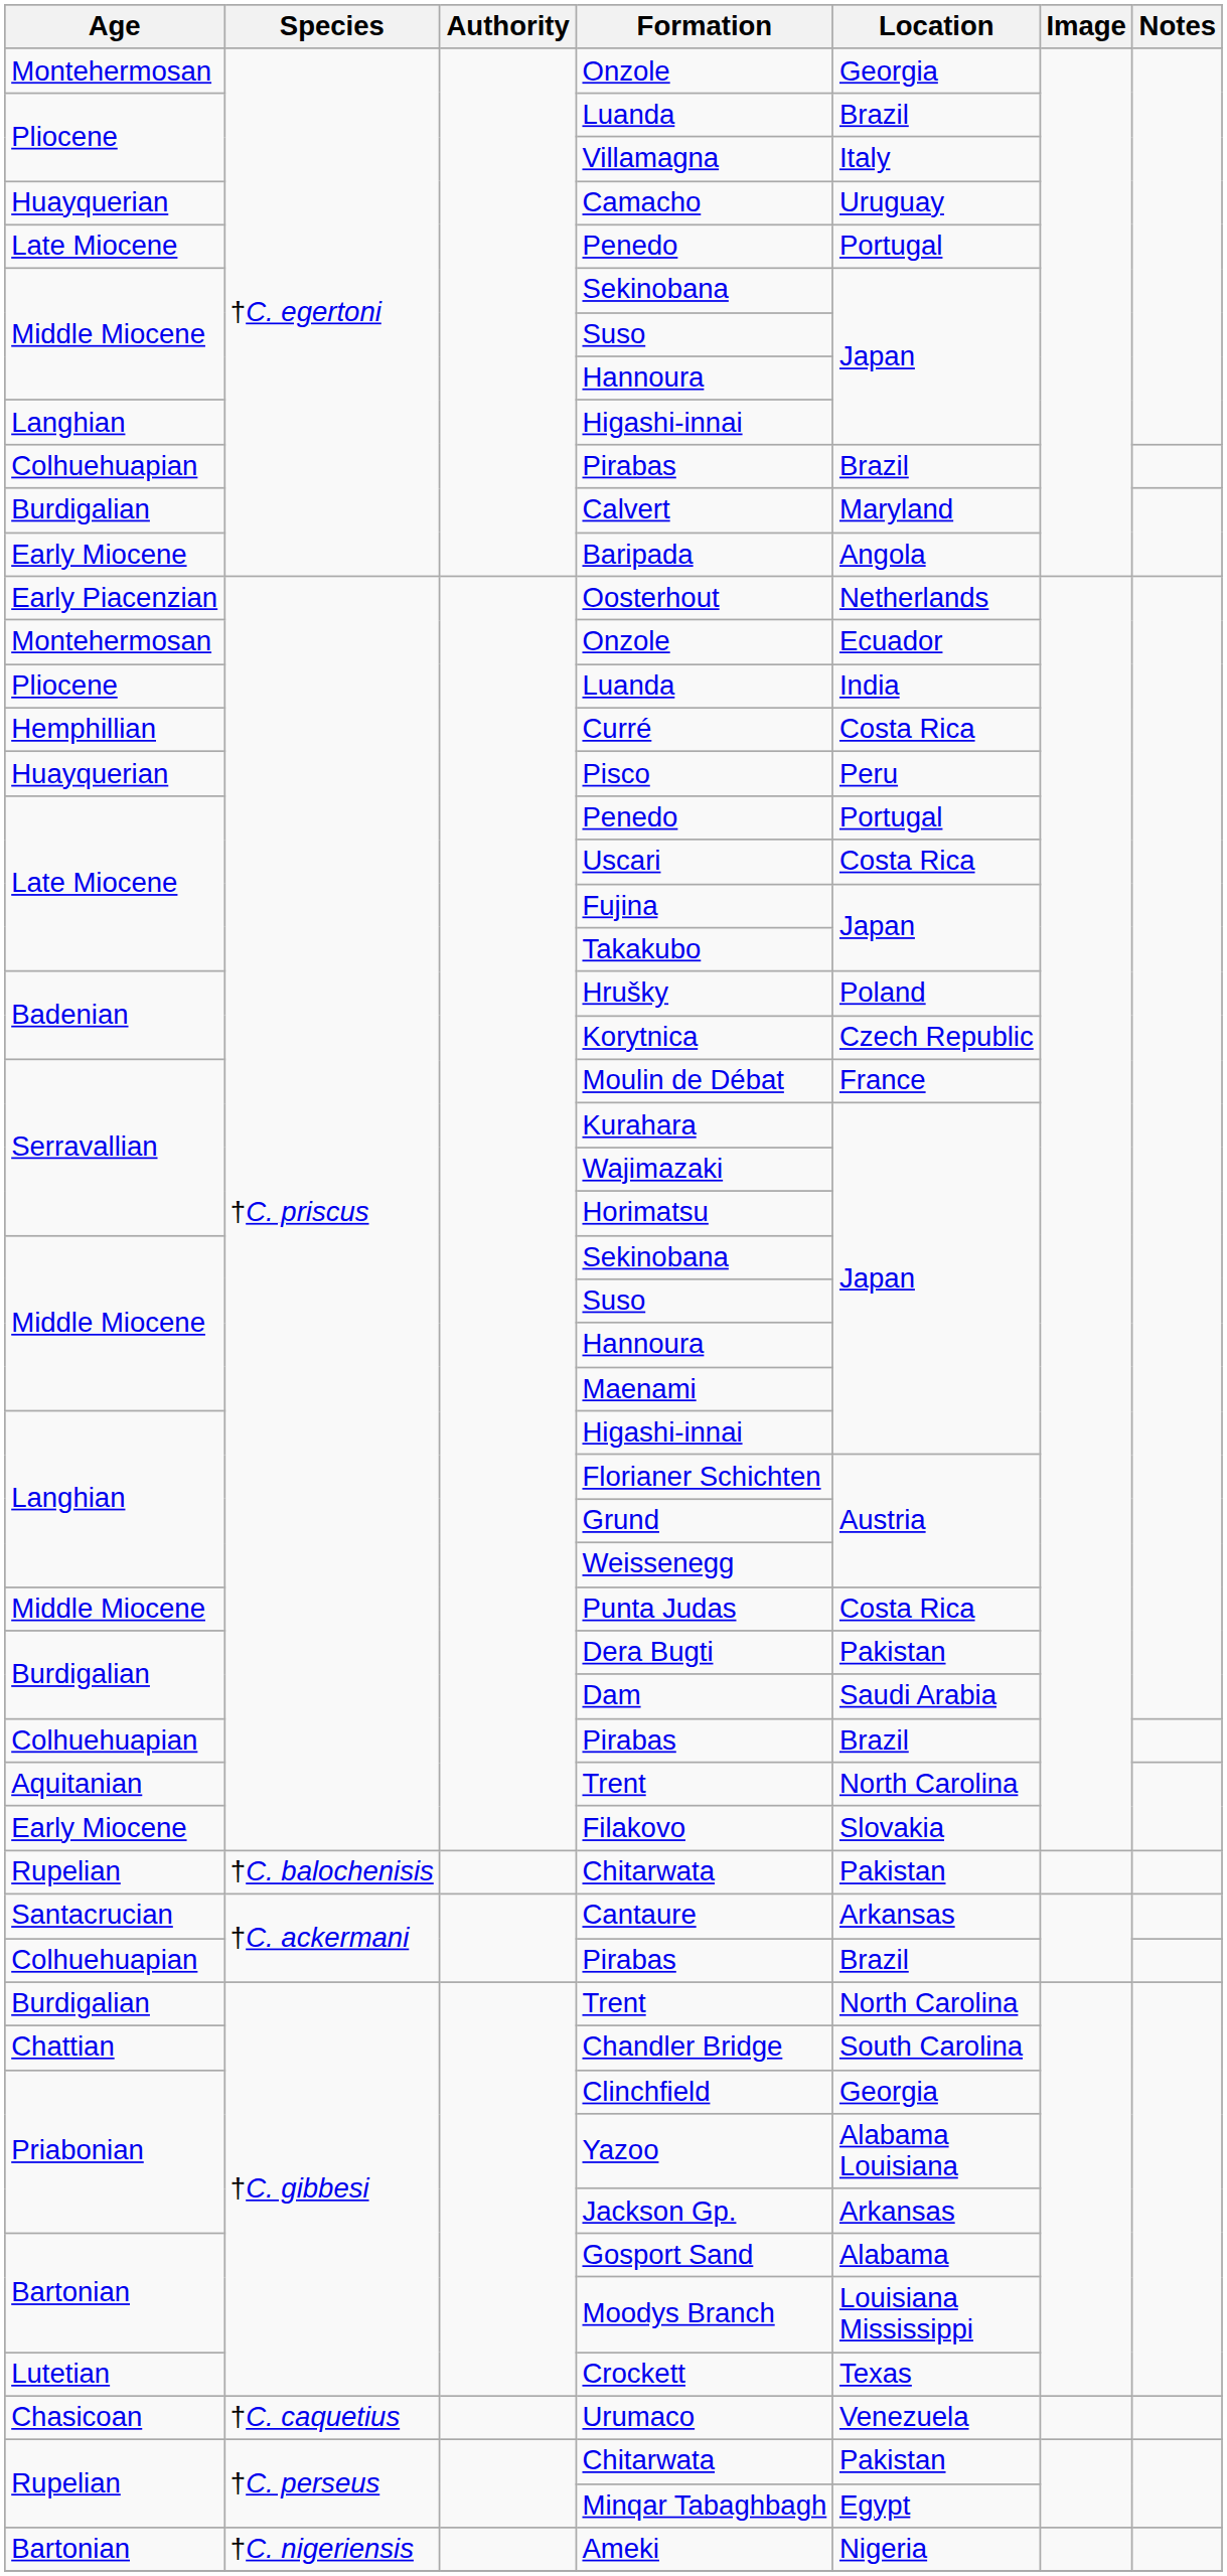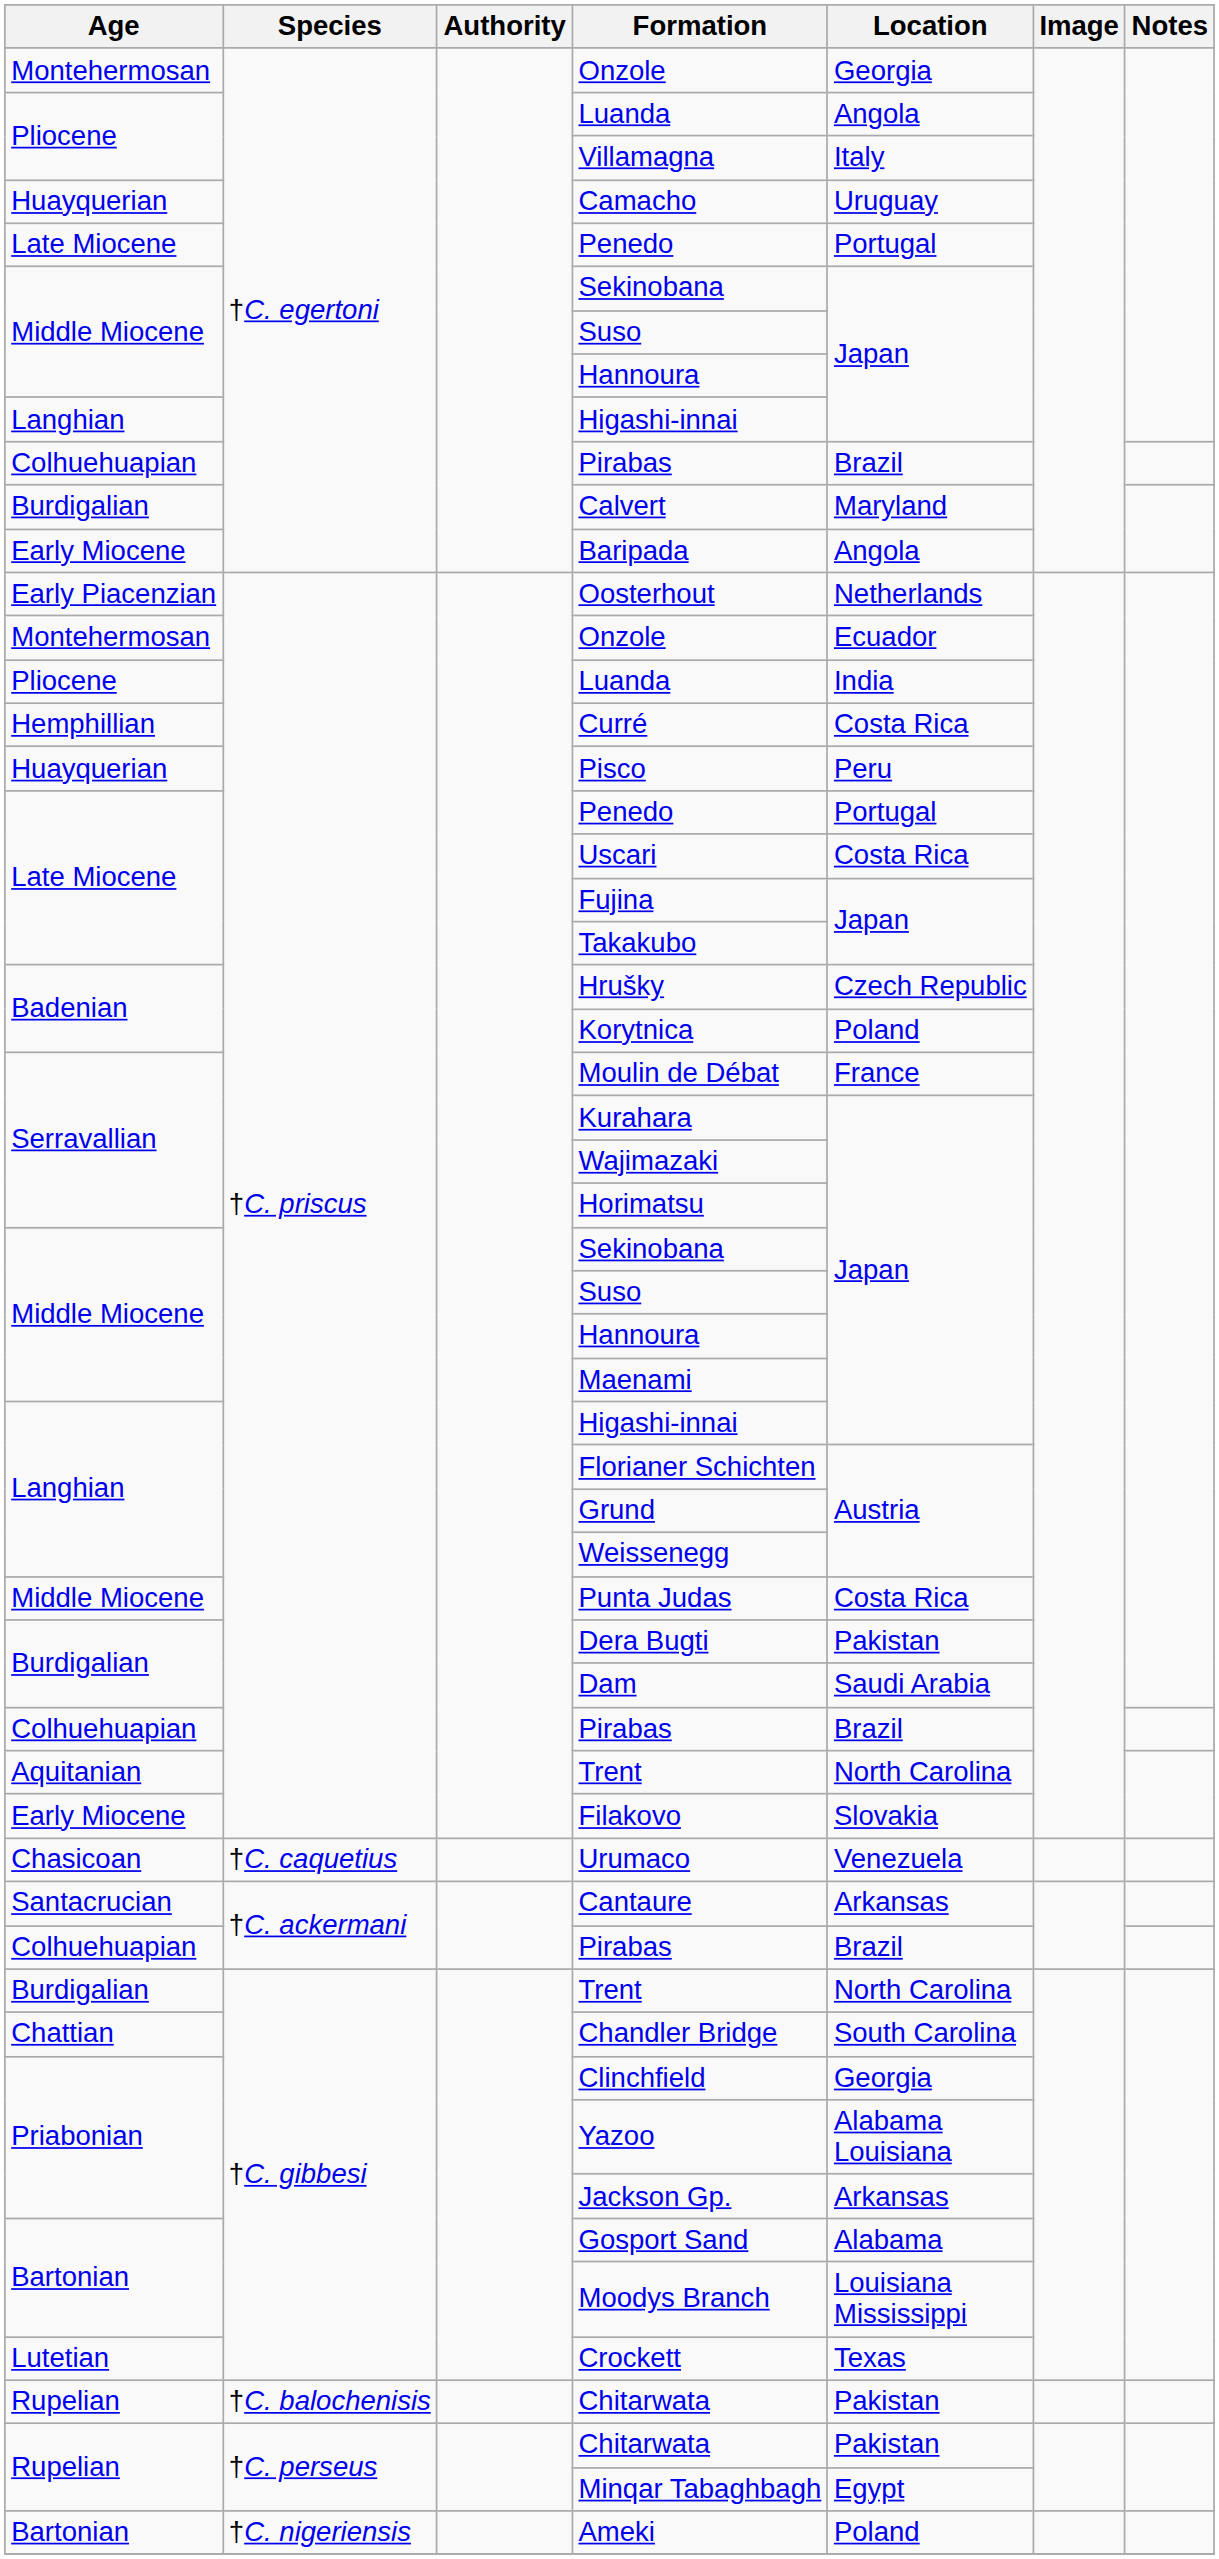 <table class="wikitable sortable">
 <tr>
 <th>Age</th>
 <th>Species</th>
 <th>Authority</th>
 <th>Formation</th>
 <th>Location</th>
 <th>Image</th>
 <th class=unsortable>Notes</th>
 </tr>
 <tr>
 <td style="background-color: "><a href='#'>Montehermosan</a></td>
 <td rowspan=12>†<em><a href='#'>C. egertoni</a></em></td>
 <td rowspan=12></td>
 <td><a href='#'>Onzole</a></td>
 <td><a href='#'>Georgia</a></td>
 <td rowspan=12></td>
 <td style="text-align:center" rowspan=9></td>
 </tr>
 <tr>
 <td rowspan=2 style="background-color: "><a href='#'>Pliocene</a></td>
 <td><a href='#'>Luanda</a></td>
-<td><a href='#'>Brazil</a></td>
+<td><a href='#'>Angola</a></td>
 </tr>
 <tr>
 <td><a href='#'>Villamagna</a></td>
 <td><a href='#'>Italy</a></td>
 </tr>
 <tr>
 <td style="background-color: "><a href='#'>Huayquerian</a></td>
 <td><a href='#'>Camacho</a></td>
 <td><a href='#'>Uruguay</a></td>
 </tr>
 <tr>
 <td style="background-color: "><a href='#'>Late Miocene</a></td>
 <td><a href='#'>Penedo</a></td>
 <td><a href='#'>Portugal</a></td>
 </tr>
 <tr>
 <td rowspan=3 style="background-color: "><a href='#'>Middle Miocene</a></td>
 <td><a href='#'>Sekinobana</a></td>
 <td rowspan=4><a href='#'>Japan</a></td>
 </tr>
 <tr>
 <td><a href='#'>Suso</a></td>
 </tr>
 <tr>
 <td><a href='#'>Hannoura</a></td>
 </tr>
 <tr>
 <td style="background-color: "><a href='#'>Langhian</a></td>
 <td><a href='#'>Higashi-innai</a></td>
 </tr>
 <tr>
 <td style="background-color: "><a href='#'>Colhuehuapian</a></td>
 <td><a href='#'>Pirabas</a></td>
 <td><a href='#'>Brazil</a></td>
 <td style="text-align:center"></td>
 </tr>
 <tr>
 <td style="background-color: "><a href='#'>Burdigalian</a></td>
 <td><a href='#'>Calvert</a></td>
 <td><a href='#'>Maryland</a></td>
 <td style="text-align:center" rowspan=2></td>
 </tr>
 <tr>
 <td style="background-color: "><a href='#'>Early Miocene</a></td>
 <td><a href='#'>Baripada</a></td>
 <td><a href='#'>Angola</a></td>
 </tr>
 <tr>
 <td style="background-color: "><a href='#'>Early Piacenzian</a></td>
 <td rowspan=29>†<em><a href='#'>C. priscus</a></em></td>
 <td rowspan=29></td>
 <td><a href='#'>Oosterhout</a></td>
 <td><a href='#'>Netherlands</a></td>
 <td rowspan=29></td>
 <td style="text-align:center" rowspan=26></td>
 </tr>
 <tr>
 <td style="background-color: "><a href='#'>Montehermosan</a></td>
 <td><a href='#'>Onzole</a></td>
 <td><a href='#'>Ecuador</a></td>
 </tr>
 <tr>
 <td style="background-color: "><a href='#'>Pliocene</a></td>
 <td><a href='#'>Luanda</a></td>
 <td><a href='#'>India</a></td>
 </tr>
 <tr>
 <td style="background-color: "><a href='#'>Hemphillian</a></td>
 <td><a href='#'>Curré</a></td>
 <td><a href='#'>Costa Rica</a></td>
 </tr>
 <tr>
 <td style="background-color: "><a href='#'>Huayquerian</a></td>
 <td><a href='#'>Pisco</a></td>
 <td><a href='#'>Peru</a></td>
 </tr>
 <tr>
 <td rowspan=4 style="background-color: "><a href='#'>Late Miocene</a></td>
 <td><a href='#'>Penedo</a></td>
 <td><a href='#'>Portugal</a></td>
 </tr>
 <tr>
 <td><a href='#'>Uscari</a></td>
 <td><a href='#'>Costa Rica</a></td>
 </tr>
 <tr>
 <td><a href='#'>Fujina</a></td>
 <td rowspan=2><a href='#'>Japan</a></td>
 </tr>
 <tr>
 <td><a href='#'>Takakubo</a></td>
 </tr>
 <tr>
 <td rowspan=2 style="background-color: "><a href='#'>Badenian</a></td>
 <td><a href='#'>Hrušky</a></td>
-<td><a href='#'>Poland</a></td>
+<td><a href='#'>Czech Republic</a></td>
 </tr>
 <tr>
 <td><a href='#'>Korytnica</a></td>
-<td><a href='#'>Czech Republic</a></td>
+<td><a href='#'>Poland</a></td>
 </tr>
 <tr>
 <td rowspan=4 style="background-color: "><a href='#'>Serravallian</a></td>
 <td><a href='#'>Moulin de Débat</a></td>
 <td><a href='#'>France</a></td>
 </tr>
 <tr>
 <td><a href='#'>Kurahara</a></td>
 <td rowspan=8><a href='#'>Japan</a></td>
 </tr>
 <tr>
 <td><a href='#'>Wajimazaki</a></td>
 </tr>
 <tr>
 <td><a href='#'>Horimatsu</a></td>
 </tr>
 <tr>
 <td rowspan=4 style="background-color: "><a href='#'>Middle Miocene</a></td>
 <td><a href='#'>Sekinobana</a></td>
 </tr>
 <tr>
 <td><a href='#'>Suso</a></td>
 </tr>
 <tr>
 <td><a href='#'>Hannoura</a></td>
 </tr>
 <tr>
 <td><a href='#'>Maenami</a></td>
 </tr>
 <tr>
 <td rowspan=4 style="background-color: "><a href='#'>Langhian</a></td>
 <td><a href='#'>Higashi-innai</a></td>
 </tr>
 <tr>
 <td><a href='#'>Florianer Schichten</a></td>
 <td rowspan=3><a href='#'>Austria</a></td>
 </tr>
 <tr>
 <td><a href='#'>Grund</a></td>
 </tr>
 <tr>
 <td><a href='#'>Weissenegg</a></td>
 </tr>
 <tr>
 <td style="background-color: "><a href='#'>Middle Miocene</a></td>
 <td><a href='#'>Punta Judas</a></td>
 <td><a href='#'>Costa Rica</a></td>
 </tr>
 <tr>
 <td rowspan=2 style="background-color: "><a href='#'>Burdigalian</a></td>
 <td><a href='#'>Dera Bugti</a></td>
 <td><a href='#'>Pakistan</a></td>
 </tr>
 <tr>
 <td><a href='#'>Dam</a></td>
 <td><a href='#'>Saudi Arabia</a></td>
 </tr>
 <tr>
 <td style="background-color: "><a href='#'>Colhuehuapian</a></td>
 <td><a href='#'>Pirabas</a></td>
 <td><a href='#'>Brazil</a></td>
 <td style="text-align:center"></td>
 </tr>
 <tr>
 <td style="background-color: "><a href='#'>Aquitanian</a></td>
 <td><a href='#'>Trent</a></td>
 <td><a href='#'>North Carolina</a></td>
 <td style="text-align:center" rowspan=2></td>
 </tr>
 <tr>
 <td style="background-color: "><a href='#'>Early Miocene</a></td>
 <td><a href='#'>Filakovo</a></td>
 <td><a href='#'>Slovakia</a></td>
 </tr>
 <tr>
-<td style="background-color: "><a href='#'>Rupelian</a></td>
-<td>†<em><a href='#'>C. balochenisis</a></em></td>
+<td style="background-color: "><a href='#'>Chasicoan</a></td>
+<td>†<em><a href='#'>C. caquetius</a></em></td>
 <td></td>
-<td><a href='#'>Chitarwata</a></td>
-<td><a href='#'>Pakistan</a></td>
+<td><a href='#'>Urumaco</a></td>
+<td><a href='#'>Venezuela</a></td>
 <td></td>
 <td style="text-align:center"></td>
 </tr>
 <tr>
 <td style="background-color: "><a href='#'>Santacrucian</a></td>
 <td rowspan=2>†<em><a href='#'>C. ackermani</a></em></td>
 <td rowspan=2></td>
 <td><a href='#'>Cantaure</a></td>
 <td><a href='#'>Arkansas</a></td>
 <td rowspan=2></td>
 <td style="text-align:center"></td>
 </tr>
 <tr>
 <td style="background-color: "><a href='#'>Colhuehuapian</a></td>
 <td><a href='#'>Pirabas</a></td>
 <td><a href='#'>Brazil</a></td>
 <td style="text-align:center"></td>
 </tr>
 <tr>
 <td style="background-color: "><a href='#'>Burdigalian</a></td>
 <td rowspan=8>†<em><a href='#'>C. gibbesi</a></em></td>
 <td rowspan=8></td>
 <td><a href='#'>Trent</a></td>
 <td><a href='#'>North Carolina</a></td>
 <td rowspan=8></td>
 <td style="text-align:center" rowspan=8></td>
 </tr>
 <tr>
 <td style="background-color: "><a href='#'>Chattian</a></td>
 <td><a href='#'>Chandler Bridge</a></td>
 <td><a href='#'>South Carolina</a></td>
 </tr>
 <tr>
 <td rowspan=3 style="background-color: "><a href='#'>Priabonian</a></td>
 <td><a href='#'>Clinchfield</a></td>
 <td><a href='#'>Georgia</a></td>
 </tr>
 <tr>
 <td><a href='#'>Yazoo</a></td>
 <td><a href='#'>Alabama</a><br><a href='#'>Louisiana</a></td>
 </tr>
 <tr>
 <td><a href='#'>Jackson Gp.</a></td>
 <td><a href='#'>Arkansas</a></td>
 </tr>
 <tr>
 <td rowspan=2 style="background-color: "><a href='#'>Bartonian</a></td>
 <td><a href='#'>Gosport Sand</a></td>
 <td><a href='#'>Alabama</a></td>
 </tr>
 <tr>
 <td><a href='#'>Moodys Branch</a></td>
 <td><a href='#'>Louisiana</a><br><a href='#'>Mississippi</a></td>
 </tr>
 <tr>
 <td style="background-color: "><a href='#'>Lutetian</a></td>
 <td><a href='#'>Crockett</a></td>
 <td><a href='#'>Texas</a></td>
 </tr>
 <tr>
-<td style="background-color: "><a href='#'>Chasicoan</a></td>
-<td>†<em><a href='#'>C. caquetius</a></em></td>
+<td style="background-color: "><a href='#'>Rupelian</a></td>
+<td>†<em><a href='#'>C. balochenisis</a></em></td>
 <td></td>
-<td><a href='#'>Urumaco</a></td>
-<td><a href='#'>Venezuela</a></td>
+<td><a href='#'>Chitarwata</a></td>
+<td><a href='#'>Pakistan</a></td>
 <td></td>
 <td style="text-align:center"></td>
 </tr>
 <tr>
 <td rowspan=2 style="background-color: "><a href='#'>Rupelian</a></td>
 <td rowspan=2>†<em><a href='#'>C. perseus</a></em></td>
 <td rowspan=2></td>
 <td><a href='#'>Chitarwata</a></td>
 <td><a href='#'>Pakistan</a></td>
 <td rowspan=2></td>
 <td style="text-align:center" rowspan=2></td>
 </tr>
 <tr>
 <td><a href='#'>Minqar Tabaghbagh</a></td>
 <td><a href='#'>Egypt</a></td>
 </tr>
 <tr>
 <td style="background-color: "><a href='#'>Bartonian</a></td>
 <td>†<em><a href='#'>C. nigeriensis</a></em></td>
 <td></td>
 <td><a href='#'>Ameki</a></td>
-<td><a href='#'>Nigeria</a></td>
+<td><a href='#'>Poland</a></td>
 <td></td>
 <td style="text-align:center"></td>
 </tr>
 <tr>
 </tr>
 </table>
